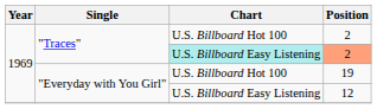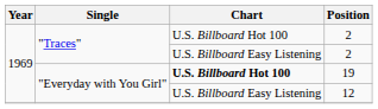 <table class="wikitable">
 <tr>
 <th>Year</th>
 <th>Single</th>
 <th>Chart</th>
 <th>Position</th>
 </tr>
 <tr>
 <td rowspan="4">1969</td>
 <td rowspan="2">"<a href='#'>Traces</a>"</td>
 <td>U.S. <em>Billboard</em> Hot 100</td>
 <td align="center">2</td>
 </tr>
 <tr>
-<td style="background: paleturquoise;">U.S. <em>Billboard</em> Easy Listening</td>
-<td align="center" style="background: lightsalmon;">2</td>
+<td>U.S. <em>Billboard</em> Easy Listening</td>
+<td align="center">2</td>
 </tr>
 <tr>
 <td rowspan="2">"Everyday with You Girl"</td>
-<td>U.S. <em>Billboard</em> Hot 100</td>
+<td><strong>U.S. <em>Billboard</em> Hot 100</strong></td>
 <td align="center">19</td>
 </tr>
 <tr>
 <td>U.S. <em>Billboard</em> Easy Listening</td>
 <td align="center">12</td>
 </tr>
 <tr>
 </tr>
 </table>
